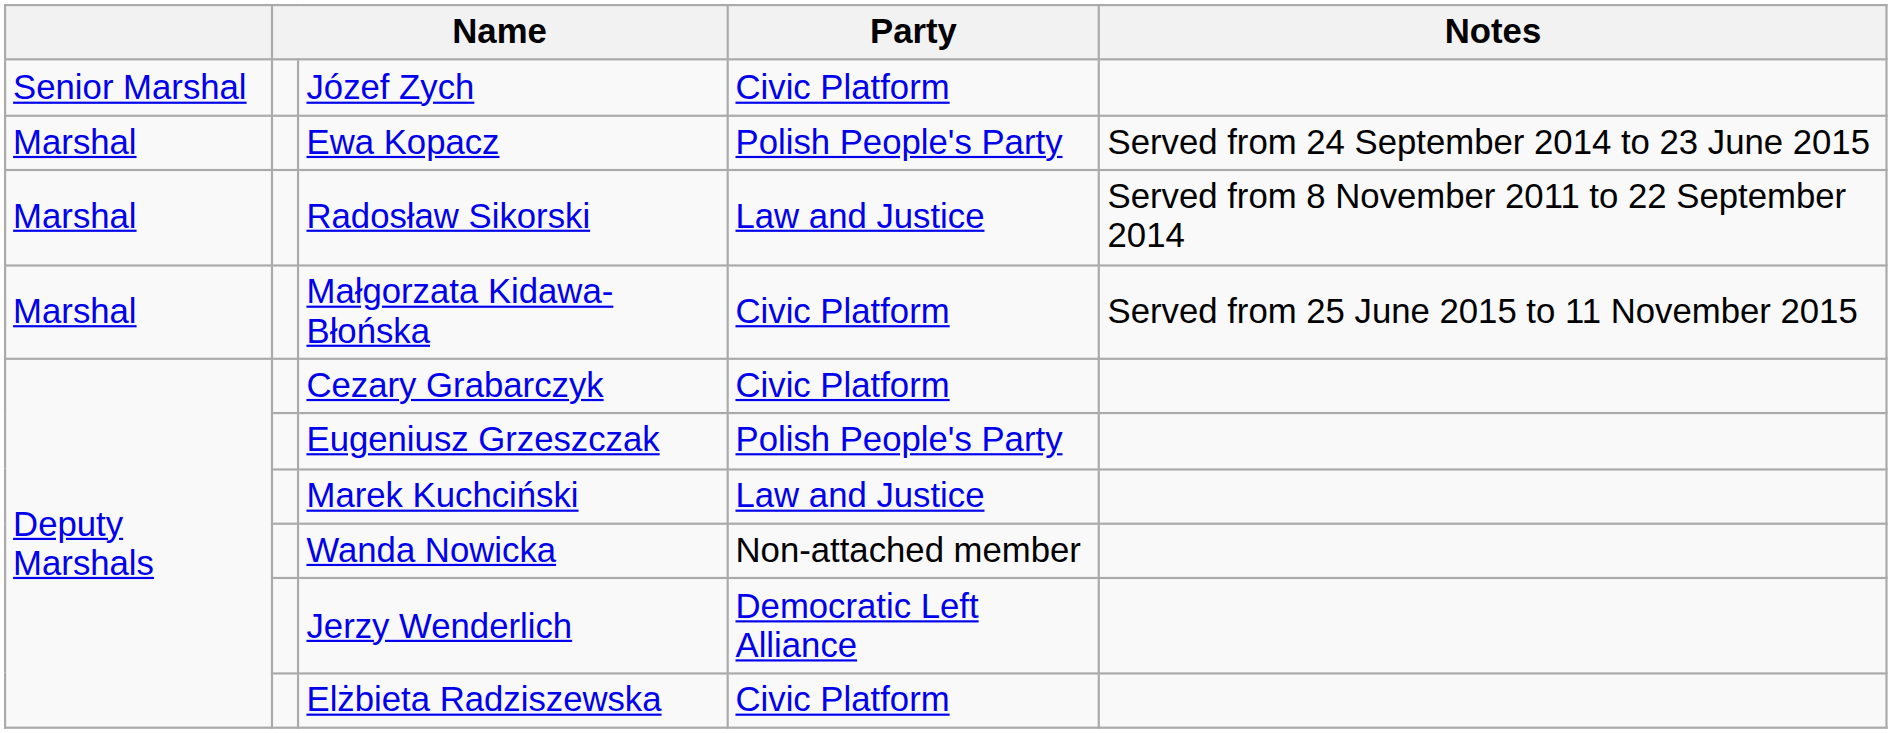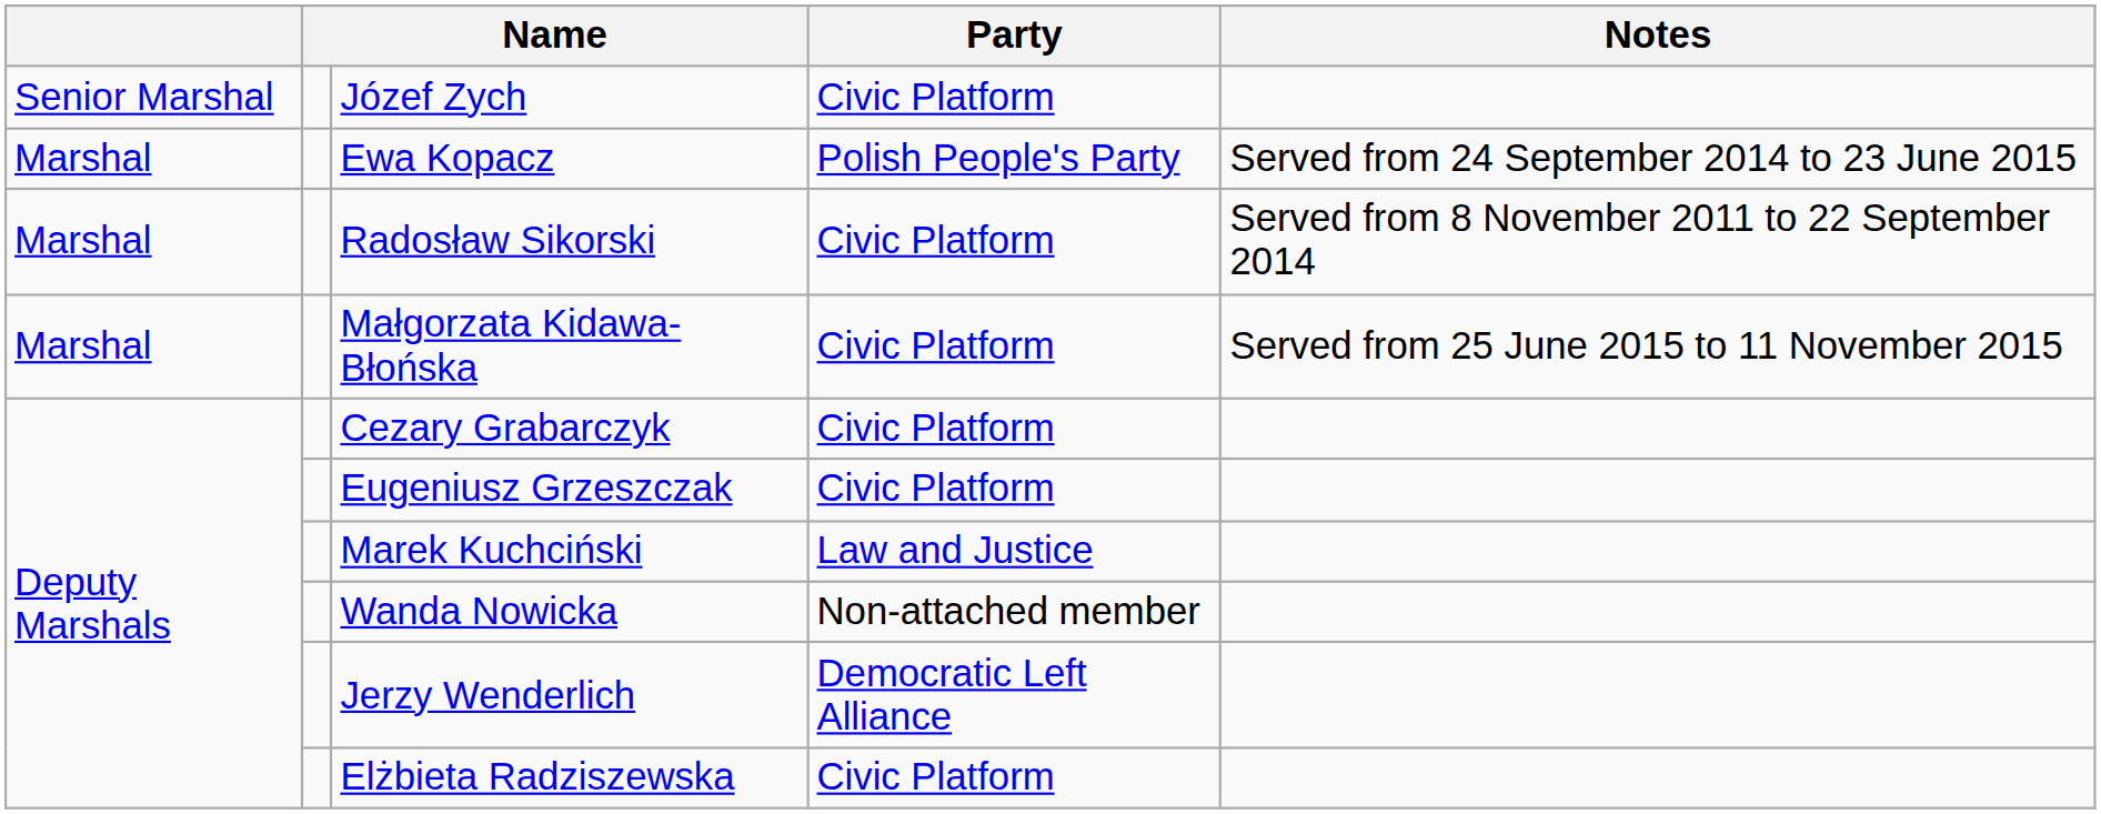 <table class="wikitable">
 <tr>
 <th class="sortable"></th>
 <th colspan=2>Name</th>
 <th>Party</th>
 <th>Notes</th>
 </tr>
 <tr>
 <td><a href='#'>Senior Marshal</a></td>
 <td width=5px style="background-color: "></td>
 <td><a href='#'>Józef Zych</a></td>
 <td><a href='#'>Civic Platform</a></td>
 <td></td>
 </tr>
 <tr>
 <td><a href='#'>Marshal</a></td>
 <td style="background-color: "></td>
 <td><a href='#'>Ewa Kopacz</a></td>
 <td><a href='#'>Polish People's Party</a></td>
 <td>Served from 24 September 2014 to 23 June 2015</td>
 </tr>
 <tr>
 <td><a href='#'>Marshal</a></td>
 <td style="background-color: "></td>
 <td><a href='#'>Radosław Sikorski</a></td>
-<td><a href='#'>Law and Justice</a></td>
+<td><a href='#'>Civic Platform</a></td>
 <td>Served from 8 November 2011 to 22 September 2014</td>
 </tr>
 <tr>
 <td><a href='#'>Marshal</a></td>
 <td style="background-color: "></td>
 <td><a href='#'>Małgorzata Kidawa-Błońska</a></td>
 <td><a href='#'>Civic Platform</a></td>
 <td>Served from 25 June 2015 to 11 November 2015</td>
 </tr>
 <tr>
 <td rowspan=6><a href='#'>Deputy Marshals</a></td>
 <td style="background-color: "></td>
 <td><a href='#'>Cezary Grabarczyk</a></td>
 <td><a href='#'>Civic Platform</a></td>
 <td></td>
 </tr>
 <tr>
 <td style="background-color: "></td>
 <td><a href='#'>Eugeniusz Grzeszczak</a></td>
-<td><a href='#'>Polish People's Party</a></td>
+<td><a href='#'>Civic Platform</a></td>
 <td></td>
 </tr>
 <tr>
 <td style="background-color: "></td>
 <td><a href='#'>Marek Kuchciński</a></td>
 <td><a href='#'>Law and Justice</a></td>
 <td></td>
 </tr>
 <tr>
 <td style="background-color: "></td>
 <td><a href='#'>Wanda Nowicka</a></td>
 <td>Non-attached member</td>
 <td></td>
 </tr>
 <tr>
 <td style="background-color: "></td>
 <td><a href='#'>Jerzy Wenderlich</a></td>
 <td><a href='#'>Democratic Left Alliance</a></td>
 <td></td>
 </tr>
 <tr>
 <td style="background-color: "></td>
 <td><a href='#'>Elżbieta Radziszewska</a></td>
 <td><a href='#'>Civic Platform</a></td>
 <td></td>
 </tr>
 </table>
